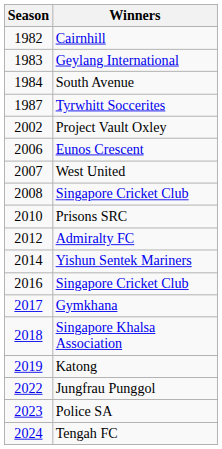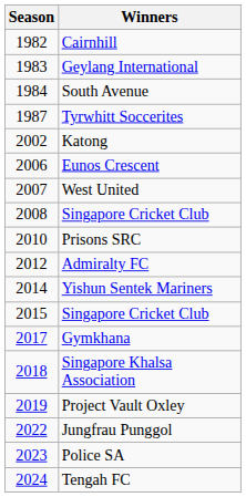 <table class="wikitable" style="text-align:center">
 <tr>
 <th width='25'>Season</th>
 <th width='180'>Winners</th>
 </tr>
 <tr>
 <td>1982</td>
 <td align='left'><a href='#'>Cairnhill</a></td>
 </tr>
 <tr>
 <td>1983</td>
 <td align='left'><a href='#'>Geylang International</a></td>
 </tr>
 <tr>
 <td>1984</td>
 <td align='left'>South Avenue</td>
 </tr>
 <tr>
 <td>1987</td>
 <td align='left'><a href='#'>Tyrwhitt Soccerites</a></td>
 </tr>
 <tr>
 <td>2002</td>
-<td align='left'>Project Vault Oxley</td>
+<td align='left'>Katong</td>
 </tr>
 <tr>
 <td>2006</td>
 <td align='left'><a href='#'>Eunos Crescent</a></td>
 </tr>
 <tr>
 <td>2007</td>
 <td align='left'>West United</td>
 </tr>
 <tr>
 <td>2008</td>
 <td align='left'><a href='#'>Singapore Cricket Club</a></td>
 </tr>
 <tr>
 <td>2010</td>
 <td align='left'>Prisons SRC</td>
 </tr>
 <tr>
 <td>2012</td>
 <td align='left'><a href='#'>Admiralty FC</a></td>
 </tr>
 <tr>
 <td>2014</td>
 <td align='left'><a href='#'>Yishun Sentek Mariners</a></td>
 </tr>
 <tr>
-<td>2016</td>
+<td>2015</td>
 <td align='left'><a href='#'>Singapore Cricket Club</a></td>
 </tr>
 <tr>
 <td><a href='#'>2017</a></td>
 <td align='left'><a href='#'>Gymkhana</a></td>
 </tr>
 <tr>
 <td><a href='#'>2018</a></td>
 <td align='left'><a href='#'>Singapore Khalsa Association</a></td>
 </tr>
 <tr>
 <td><a href='#'>2019</a></td>
-<td align='left'>Katong</td>
+<td align='left'>Project Vault Oxley</td>
 </tr>
 <tr>
 <td><a href='#'>2022</a></td>
 <td align='left'>Jungfrau Punggol</td>
 </tr>
 <tr>
 <td><a href='#'>2023</a></td>
 <td align='left'>Police SA</td>
 </tr>
 <tr>
 <td><a href='#'>2024</a></td>
 <td align='left'>Tengah FC</td>
 </tr>
 </table>
